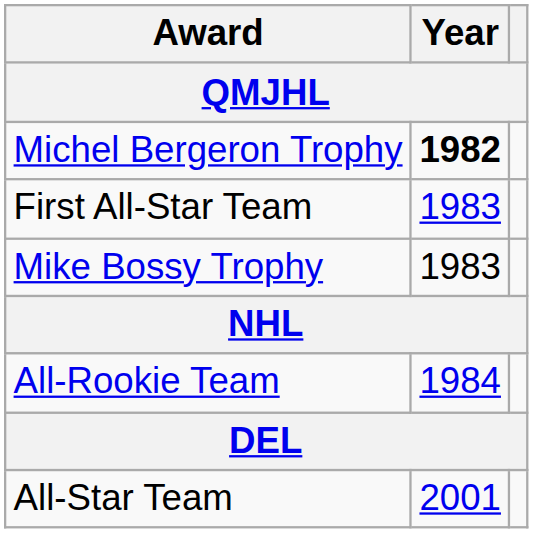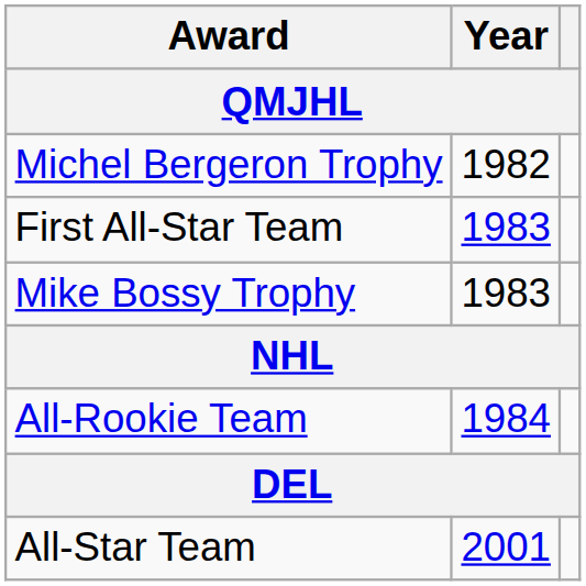 <table class="wikitable">
 <tr>
 <th>Award</th>
 <th>Year</th>
 <th></th>
 </tr>
 <tr ALIGN="center" bgcolor="#e0e0e0">
 <th colspan="3"><a href='#'>QMJHL</a></th>
 </tr>
 <tr>
 <td><a href='#'>Michel Bergeron Trophy</a></td>
-<td><strong>1982</strong></td>
+<td>1982</td>
 <td></td>
 </tr>
 <tr>
 <td>First All-Star Team</td>
 <td><a href='#'>1983</a></td>
 <td></td>
 </tr>
 <tr>
 <td><a href='#'>Mike Bossy Trophy</a></td>
 <td>1983</td>
 <td></td>
 </tr>
 <tr ALIGN="center" bgcolor="#e0e0e0">
 <th colspan="3"><a href='#'>NHL</a></th>
 </tr>
 <tr>
 <td><a href='#'>All-Rookie Team</a></td>
 <td><a href='#'>1984</a></td>
 <td></td>
 </tr>
 <tr ALIGN="center" bgcolor="#e0e0e0">
 <th colspan="3"><a href='#'>DEL</a></th>
 </tr>
 <tr>
 <td>All-Star Team</td>
 <td><a href='#'>2001</a></td>
 <td></td>
 </tr>
 </table>
